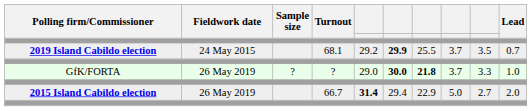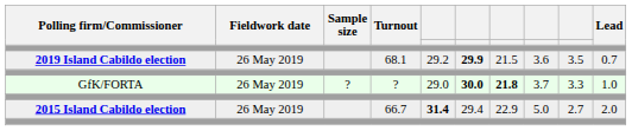 <table class="wikitable collapsible collapsed" style="text-align:center; font-size:95%; line-height:16px;">
 <tr style="height:42px;">
 <th style="width:250px;" rowspan="2">Polling firm/Commissioner</th>
 <th style="width:125px;" rowspan="2">Fieldwork date</th>
 <th style="width:50px;" rowspan="2">Sample size</th>
 <th style="width:45px;" rowspan="2">Turnout</th>
 <th style="width:35px;"></th>
 <th style="width:35px;"></th>
 <th style="width:35px;"></th>
 <th style="width:35px;"></th>
 <th style="width:35px;"></th>
 <th style="width:30px;" rowspan="2">Lead</th>
 </tr>
 <tr>
 <th style="color:inherit;background:"></th>
 <th style="color:inherit;background:"></th>
 <th style="color:inherit;background:"></th>
 <th style="color:inherit;background:"></th>
 <th style="color:inherit;background:"></th>
 </tr>
 <tr>
 <td colspan="10" style="background:#A0A0A0"></td>
 </tr>
 <tr style="background:#EFEFEF;">
 <td><strong><a href='#'>2019 Island Cabildo election</a></strong></td>
-<td>24 May 2015</td>
+<td>26 May 2019</td>
 <td></td>
 <td>68.1</td>
 <td>29.2<br></td>
 <td><strong>29.9</strong><br></td>
-<td>25.5<br></td>
-<td>3.7<br></td>
+<td>21.5<br></td>
+<td>3.6<br></td>
 <td>3.5<br></td>
 <td style="background:">0.7</td>
 </tr>
 <tr>
 <td colspan="10" style="background:#A0A0A0"></td>
 </tr>
 <tr style="background:#EAFFEA;">
 <td>GfK/FORTA</td>
 <td>26 May 2019</td>
 <td>?</td>
 <td>?</td>
 <td>29.0<br></td>
 <td><strong>30.0</strong><br></td>
 <td><strong>21.8<br></strong></td>
 <td>3.7<br></td>
 <td>3.3<br></td>
 <td style="background:">1.0</td>
 </tr>
 <tr>
 <td colspan="10" style="background:#A0A0A0"></td>
 </tr>
 <tr style="background:#EFEFEF;">
 <td><strong><a href='#'>2015 Island Cabildo election</a></strong></td>
 <td>26 May 2019</td>
 <td></td>
 <td>66.7</td>
 <td><strong>31.4</strong><br></td>
 <td>29.4<br></td>
 <td>22.9<br></td>
 <td>5.0<br></td>
 <td>2.7<br></td>
 <td style="background:">2.0</td>
 </tr>
 <tr>
 <td colspan="10" style="background:#A0A0A0"></td>
 </tr>
 </table>
